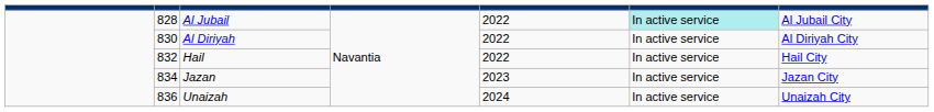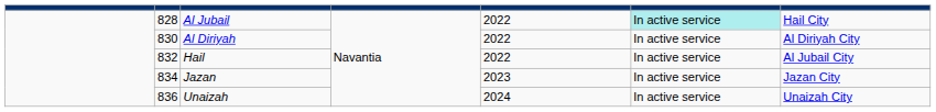 <table class="wikitable">
 <tr>
 <th style="background:#002F6C" width="190"></th>
 <th style="background:#002F6C"></th>
 <th style="background:#002F6C" width="190"></th>
 <th style="background:#002F6C" width="190"></th>
 <th style="background:#002F6C" width="190"></th>
 <th style="background:#002F6C" width="190"></th>
 <th style="background:#002F6C" width="190"></th>
 </tr>
 <tr>
 <td rowspan="5"></td>
 <td>828</td>
 <td><em><a href='#'>Al Jubail</a></em></td>
 <td rowspan="5">Navantia</td>
 <td>2022</td>
 <td style="background: paleturquoise;">In active service</td>
-<td><a href='#'>Al Jubail City</a></td>
+<td><a href='#'>Hail City</a></td>
 </tr>
 <tr>
 <td>830</td>
 <td><em><a href='#'>Al Diriyah</a></em></td>
 <td>2022</td>
 <td>In active service</td>
 <td><a href='#'>Al Diriyah City</a></td>
 </tr>
 <tr>
 <td>832</td>
 <td><em>Hail</em></td>
 <td>2022</td>
 <td>In active service</td>
-<td><a href='#'>Hail City</a></td>
+<td><a href='#'>Al Jubail City</a></td>
 </tr>
 <tr>
 <td>834</td>
 <td><em>Jazan</em></td>
 <td>2023</td>
 <td>In active service</td>
 <td><a href='#'>Jazan City</a></td>
 </tr>
 <tr>
 <td>836</td>
 <td><em>Unaizah</em></td>
 <td>2024</td>
 <td>In active service</td>
 <td><a href='#'>Unaizah City</a></td>
 </tr>
 </table>
